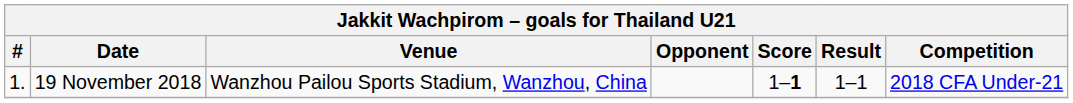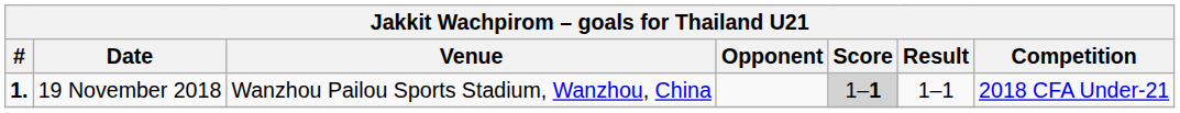 <table class="wikitable" style="font-size:95%;">
 <tr>
 <th colspan="8"><strong>Jakkit Wachpirom – goals for Thailand U21</strong></th>
 </tr>
 <tr>
 <th>#</th>
 <th>Date</th>
 <th>Venue</th>
 <th>Opponent</th>
 <th>Score</th>
 <th>Result</th>
 <th>Competition</th>
 </tr>
 <tr>
-<td>1.</td>
+<td><strong>1.</strong></td>
 <td>19 November 2018</td>
 <td>Wanzhou Pailou Sports Stadium, <a href='#'>Wanzhou</a>, <a href='#'>China</a></td>
 <td></td>
-<td align=center>1–<strong>1</strong></td>
+<td align=center style="background: lightgrey;">1–<strong>1</strong></td>
 <td align=center>1–1</td>
 <td><a href='#'>2018 CFA Under-21</a></td>
 </tr>
 <tr>
 </tr>
 </table>
